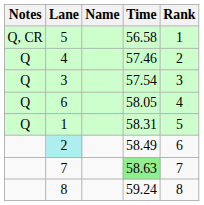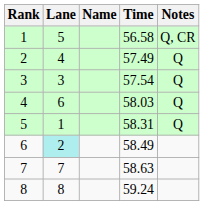 <table class="wikitable sortable" style="text-align:center">
 <tr>
-<th>Notes</th>
+<th>Rank</th>
 <th>Lane</th>
 <th>Name</th>
 <th>Time</th>
-<th>Rank</th>
+<th>Notes</th>
 </tr>
 <tr bgcolor=ccffcc>
-<td>Q, CR</td>
+<td>1</td>
 <td>5</td>
 <td align=left></td>
 <td>56.58</td>
-<td>1</td>
+<td>Q, CR</td>
 </tr>
 <tr bgcolor=ccffcc>
-<td>Q</td>
+<td>2</td>
 <td>4</td>
 <td align=left></td>
-<td>57.46</td>
-<td>2</td>
+<td>57.49</td>
+<td>Q</td>
 </tr>
 <tr bgcolor=ccffcc>
-<td>Q</td>
+<td>3</td>
 <td>3</td>
 <td align=left></td>
 <td>57.54</td>
-<td>3</td>
+<td>Q</td>
 </tr>
 <tr bgcolor=ccffcc>
-<td>Q</td>
+<td>4</td>
 <td>6</td>
 <td align=left></td>
-<td>58.05</td>
-<td>4</td>
+<td>58.03</td>
+<td>Q</td>
 </tr>
 <tr bgcolor=ccffcc>
-<td>Q</td>
+<td>5</td>
 <td>1</td>
 <td align=left></td>
 <td>58.31</td>
-<td>5</td>
+<td>Q</td>
 </tr>
 <tr>
-<td></td>
+<td>6</td>
 <td style="background: paleturquoise;">2</td>
 <td align=left></td>
 <td>58.49</td>
-<td>6</td>
+<td></td>
 </tr>
 <tr>
-<td></td>
+<td>7</td>
 <td>7</td>
 <td align=left></td>
-<td style="background: lightgreen;">58.63</td>
-<td>7</td>
+<td>58.63</td>
+<td></td>
 </tr>
 <tr>
-<td></td>
+<td>8</td>
 <td>8</td>
 <td align=left></td>
 <td>59.24</td>
-<td>8</td>
+<td></td>
 </tr>
 </table>
